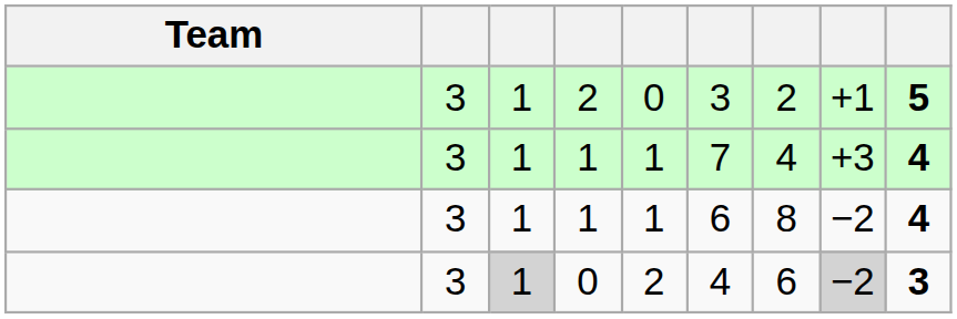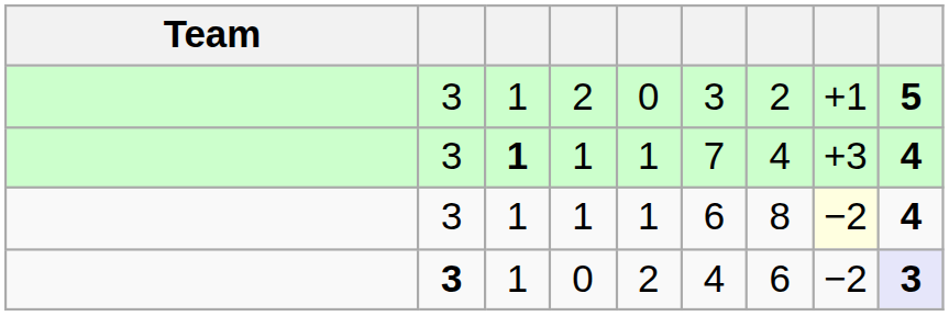 <table class="wikitable" style="text-align: center;">
 <tr>
 <th width="165">Team</th>
 <th width="20"></th>
 <th width="20"></th>
 <th width="20"></th>
 <th width="20"></th>
 <th width="20"></th>
 <th width="20"></th>
 <th width="20"></th>
 <th width="20"></th>
 </tr>
 <tr bgcolor=ccffcc>
 <td align=left></td>
 <td>3</td>
 <td>1</td>
 <td>2</td>
 <td>0</td>
 <td>3</td>
 <td>2</td>
 <td>+1</td>
 <td><strong>5</strong></td>
 </tr>
 <tr bgcolor=ccffcc>
 <td align=left></td>
 <td>3</td>
-<td>1</td>
+<td><strong>1</strong></td>
 <td>1</td>
 <td>1</td>
 <td>7</td>
 <td>4</td>
 <td>+3</td>
 <td><strong>4</strong></td>
 </tr>
 <tr>
 <td align=left></td>
 <td>3</td>
 <td>1</td>
 <td>1</td>
 <td>1</td>
 <td>6</td>
 <td>8</td>
-<td>−2</td>
+<td style="background: lightyellow;">−2</td>
 <td><strong>4</strong></td>
 </tr>
 <tr>
 <td align=left></td>
-<td>3</td>
-<td style="background: lightgrey;">1</td>
+<td><strong>3</strong></td>
+<td>1</td>
 <td>0</td>
 <td>2</td>
 <td>4</td>
 <td>6</td>
-<td style="background: lightgrey;">−2</td>
-<td><strong>3</strong></td>
+<td>−2</td>
+<td style="background: lavender;"><strong>3</strong></td>
 </tr>
 </table>
